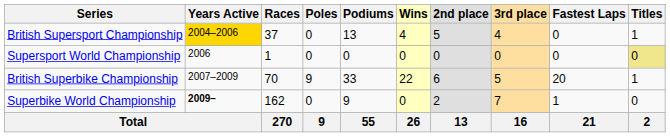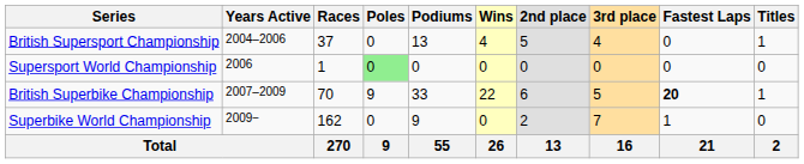 <table class="wikitable">
 <tr>
 <th colspan=2>Series</th>
 <th>Years Active</th>
 <th>Races</th>
 <th>Poles</th>
 <th>Podiums</th>
 <td style="background:#ffffbf;"><strong>Wins</strong></td>
 <td style="background:#dfdfdf;"><strong>2nd place</strong></td>
 <td style="background:#ffdf9f;"><strong>3rd place</strong></td>
 <th>Fastest Laps</th>
 <th>Titles</th>
 </tr>
 <tr>
 <td colspan=2><a href='#'>British Supersport Championship</a></td>
-<td style="background: gold;"><sup>2004–2006</sup></td>
+<td><sup>2004–2006</sup></td>
 <td>37</td>
 <td>0</td>
 <td>13</td>
 <td style="background:#ffffbf;">4</td>
 <td style="background:#dfdfdf;">5</td>
 <td style="background:#ffdf9f;">4</td>
 <td>0</td>
 <td>1</td>
 </tr>
 <tr>
 <td colspan=2><a href='#'>Supersport World Championship</a></td>
 <td><sup>2006</sup></td>
 <td>1</td>
-<td>0</td>
+<td style="background: lightgreen;">0</td>
 <td>0</td>
 <td style="background:#ffffbf;">0</td>
 <td style="background:#dfdfdf;">0</td>
 <td style="background:#ffdf9f;">0</td>
 <td>0</td>
-<td style="background: khaki;">0</td>
+<td>0</td>
 </tr>
 <tr>
 <td colspan=2><a href='#'>British Superbike Championship</a></td>
 <td><sup>2007–2009</sup></td>
 <td>70</td>
 <td>9</td>
 <td>33</td>
 <td style="background:#ffffbf;">22</td>
 <td style="background:#dfdfdf;">6</td>
 <td style="background:#ffdf9f;">5</td>
-<td>20</td>
+<td><strong>20</strong></td>
 <td>1</td>
 </tr>
 <tr>
 <td colspan=2><a href='#'>Superbike World Championship</a></td>
-<td><strong><sup>2009−</sup></strong></td>
+<td><sup>2009−</sup></td>
 <td>162</td>
 <td>0</td>
 <td>9</td>
 <td style="background:#ffffbf;">0</td>
 <td style="background:#dfdfdf;">2</td>
 <td style="background:#ffdf9f;">7</td>
 <td>1</td>
 <td>0</td>
 </tr>
 <tr>
 <th colspan=3>Total</th>
 <th>270</th>
 <th>9</th>
 <th>55</th>
 <th>26</th>
 <th>13</th>
 <th>16</th>
 <th>21</th>
 <th>2</th>
 </tr>
 </table>
